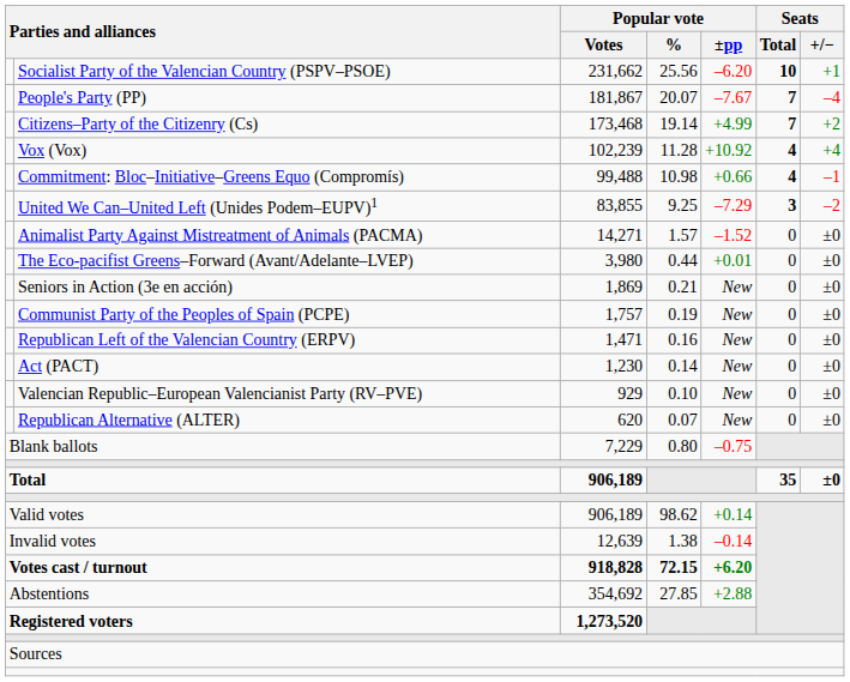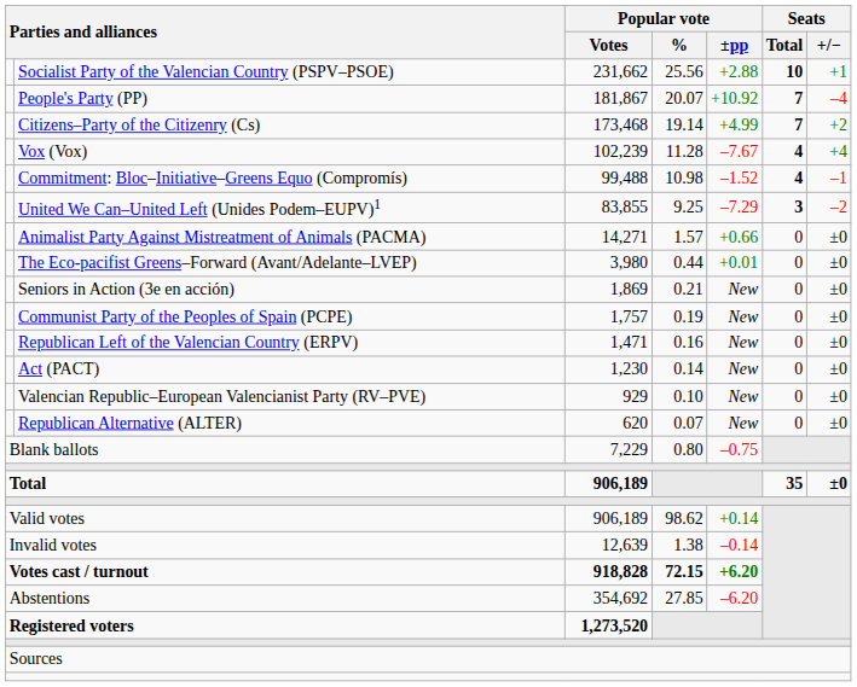 <table class="wikitable" style="text-align:right;">
 <tr>
 <th style="text-align:left;" rowspan="2" colspan="2" width="525">Parties and alliances</th>
 <th colspan="3">Popular vote</th>
 <th colspan="2">Seats</th>
 </tr>
 <tr>
 <th width="75">Votes</th>
 <th width="45">%</th>
 <th width="45">±<a href='#'>pp</a></th>
 <th width="35">Total</th>
 <th width="35">+/−</th>
 </tr>
 <tr>
 <td width="1" style="color:inherit;background:"></td>
 <td align="left"><a href='#'>Socialist Party of the Valencian Country</a> (PSPV–PSOE)</td>
 <td>231,662</td>
 <td>25.56</td>
-<td style="color:red;">–6.20</td>
+<td style="color:green;">+2.88</td>
 <td><strong>10</strong></td>
 <td style="color:green;">+1</td>
 </tr>
 <tr>
 <td style="color:inherit;background:"></td>
 <td align="left"><a href='#'>People's Party</a> (PP)</td>
 <td>181,867</td>
 <td>20.07</td>
-<td style="color:red;">–7.67</td>
+<td style="color:green;">+10.92</td>
 <td><strong>7</strong></td>
 <td style="color:red;">–4</td>
 </tr>
 <tr>
 <td style="color:inherit;background:"></td>
 <td align="left"><a href='#'>Citizens–Party of the Citizenry</a> (Cs)</td>
 <td>173,468</td>
 <td>19.14</td>
 <td style="color:green;">+4.99</td>
 <td><strong>7</strong></td>
 <td style="color:green;">+2</td>
 </tr>
 <tr>
 <td style="color:inherit;background:"></td>
 <td align="left"><a href='#'>Vox</a> (Vox)</td>
 <td>102,239</td>
 <td>11.28</td>
-<td style="color:green;">+10.92</td>
+<td style="color:red;">–7.67</td>
 <td><strong>4</strong></td>
 <td style="color:green;">+4</td>
 </tr>
 <tr>
 <td style="color:inherit;background:"></td>
 <td align="left"><a href='#'>Commitment</a>: <a href='#'>Bloc</a>–<a href='#'>Initiative</a>–<a href='#'>Greens Equo</a> (Compromís)</td>
 <td>99,488</td>
 <td>10.98</td>
-<td style="color:green;">+0.66</td>
+<td style="color:red;">–1.52</td>
 <td><strong>4</strong></td>
 <td style="color:red;">–1</td>
 </tr>
 <tr>
 <td style="color:inherit;background:"></td>
 <td align="left"><a href='#'>United We Can–United Left</a> (Unides Podem–EUPV)<sup>1</sup></td>
 <td>83,855</td>
 <td>9.25</td>
 <td style="color:red;">–7.29</td>
 <td><strong>3</strong></td>
 <td style="color:red;">–2</td>
 </tr>
 <tr>
 <td style="color:inherit;background:"></td>
 <td align="left"><a href='#'>Animalist Party Against Mistreatment of Animals</a> (PACMA)</td>
 <td>14,271</td>
 <td>1.57</td>
-<td style="color:red;">–1.52</td>
+<td style="color:green;">+0.66</td>
 <td>0</td>
 <td>±0</td>
 </tr>
 <tr>
 <td style="color:inherit;background:"></td>
 <td align="left"><a href='#'>The Eco-pacifist Greens</a>–Forward (Avant/Adelante–LVEP)</td>
 <td>3,980</td>
 <td>0.44</td>
 <td style="color:green;">+0.01</td>
 <td>0</td>
 <td>±0</td>
 </tr>
 <tr>
 <td style="color:inherit;background:"></td>
 <td align="left">Seniors in Action (3e en acción)</td>
 <td>1,869</td>
 <td>0.21</td>
 <td><em>New</em></td>
 <td>0</td>
 <td>±0</td>
 </tr>
 <tr>
 <td style="color:inherit;background:"></td>
 <td align="left"><a href='#'>Communist Party of the Peoples of Spain</a> (PCPE)</td>
 <td>1,757</td>
 <td>0.19</td>
 <td><em>New</em></td>
 <td>0</td>
 <td>±0</td>
 </tr>
 <tr>
 <td style="color:inherit;background:"></td>
 <td align="left"><a href='#'>Republican Left of the Valencian Country</a> (ERPV)</td>
 <td>1,471</td>
 <td>0.16</td>
 <td><em>New</em></td>
 <td>0</td>
 <td>±0</td>
 </tr>
 <tr>
 <td style="color:inherit;background:"></td>
 <td align="left"><a href='#'>Act</a> (PACT)</td>
 <td>1,230</td>
 <td>0.14</td>
 <td><em>New</em></td>
 <td>0</td>
 <td>±0</td>
 </tr>
 <tr>
 <td style="color:inherit;background:"></td>
 <td align="left">Valencian Republic–European Valencianist Party (RV–PVE)</td>
 <td>929</td>
 <td>0.10</td>
 <td><em>New</em></td>
 <td>0</td>
 <td>±0</td>
 </tr>
 <tr>
 <td style="color:inherit;background:"></td>
 <td align="left"><a href='#'>Republican Alternative</a> (ALTER)</td>
 <td>620</td>
 <td>0.07</td>
 <td><em>New</em></td>
 <td>0</td>
 <td>±0</td>
 </tr>
 <tr>
 <td align="left" colspan="2">Blank ballots</td>
 <td>7,229</td>
 <td>0.80</td>
 <td style="color:red;">–0.75</td>
 <td bgcolor="#E9E9E9" colspan="2"></td>
 </tr>
 <tr>
 <td colspan="7" bgcolor="#E9E9E9"></td>
 </tr>
 <tr style="font-weight:bold;">
 <td align="left" colspan="2">Total</td>
 <td>906,189</td>
 <td bgcolor="#E9E9E9" colspan="2"></td>
 <td>35</td>
 <td>±0</td>
 </tr>
 <tr>
 <td colspan="7" bgcolor="#E9E9E9"></td>
 </tr>
 <tr>
 <td align="left" colspan="2">Valid votes</td>
 <td>906,189</td>
 <td>98.62</td>
 <td style="color:green;">+0.14</td>
 <td bgcolor="#E9E9E9" colspan="2" rowspan="5"></td>
 </tr>
 <tr>
 <td align="left" colspan="2">Invalid votes</td>
 <td>12,639</td>
 <td>1.38</td>
 <td style="color:red;">–0.14</td>
 </tr>
 <tr style="font-weight:bold;">
 <td align="left" colspan="2">Votes cast / turnout</td>
 <td>918,828</td>
 <td>72.15</td>
 <td style="color:green;">+6.20</td>
 </tr>
 <tr>
 <td align="left" colspan="2">Abstentions</td>
 <td>354,692</td>
 <td>27.85</td>
-<td style="color:green;">+2.88</td>
+<td style="color:red;">–6.20</td>
 </tr>
 <tr style="font-weight:bold;">
 <td align="left" colspan="2">Registered voters</td>
 <td>1,273,520</td>
 <td bgcolor="#E9E9E9" colspan="2"></td>
 </tr>
 <tr>
 <td colspan="7" bgcolor="#E9E9E9"></td>
 </tr>
 <tr>
 <td align="left" colspan="7">Sources</td>
 </tr>
 <tr>
 <td colspan="7" style="text-align:left; max-width:790px;"></td>
 </tr>
 </table>
